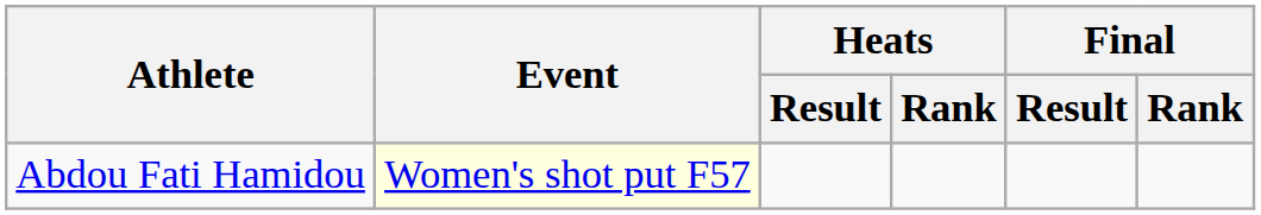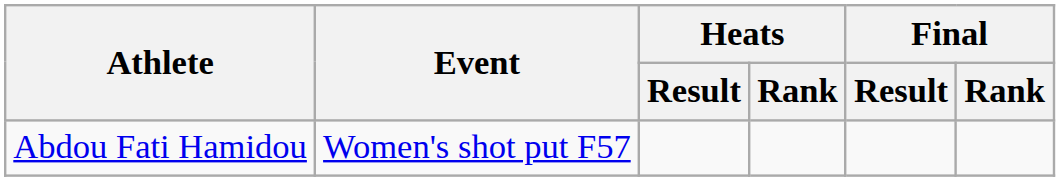 <table class=wikitable style="font-size:90%">
 <tr>
 <th rowspan="2">Athlete</th>
 <th rowspan="2">Event</th>
 <th colspan="2">Heats</th>
 <th colspan="2">Final</th>
 </tr>
 <tr>
 <th>Result</th>
 <th>Rank</th>
 <th>Result</th>
 <th>Rank</th>
 </tr>
 <tr align=center>
 <td align=left><a href='#'>Abdou Fati Hamidou</a></td>
-<td align=left style="background: lightyellow;"><a href='#'>Women's shot put F57</a></td>
+<td align=left><a href='#'>Women's shot put F57</a></td>
 <td></td>
 <td></td>
 <td></td>
 <td></td>
 </tr>
 </table>
